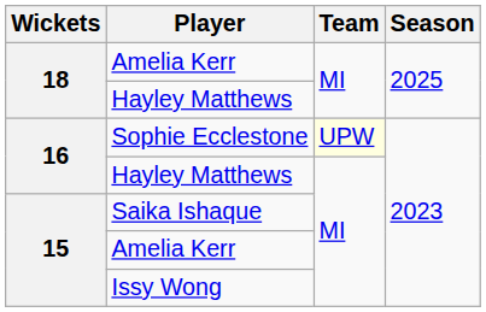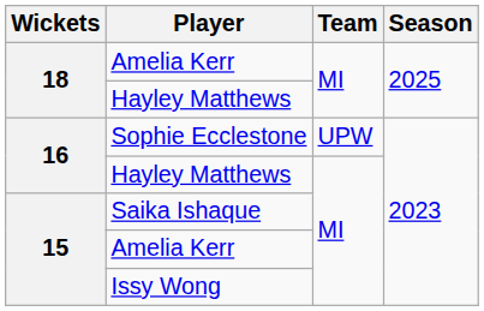 <table class="wikitable">
 <tr>
 <th>Wickets</th>
 <th>Player</th>
 <th>Team</th>
 <th>Season</th>
 </tr>
 <tr>
 <th rowspan="2">18</th>
 <td><a href='#'>Amelia Kerr</a></td>
 <td rowspan="2"><a href='#'>MI</a></td>
 <td rowspan="2"><a href='#'>2025</a></td>
 </tr>
 <tr>
 <td><a href='#'>Hayley Matthews</a></td>
 </tr>
 <tr>
 <th rowspan="2">16</th>
 <td><a href='#'>Sophie Ecclestone</a></td>
-<td style="background: lightyellow;"><a href='#'>UPW</a></td>
+<td><a href='#'>UPW</a></td>
 <td rowspan="5"><a href='#'>2023</a></td>
 </tr>
 <tr>
 <td><a href='#'>Hayley Matthews</a></td>
 <td rowspan="4"><a href='#'>MI</a></td>
 </tr>
 <tr>
 <th rowspan="3">15</th>
 <td><a href='#'>Saika Ishaque</a></td>
 </tr>
 <tr>
 <td><a href='#'>Amelia Kerr</a></td>
 </tr>
 <tr>
 <td><a href='#'>Issy Wong</a></td>
 </tr>
 </table>
